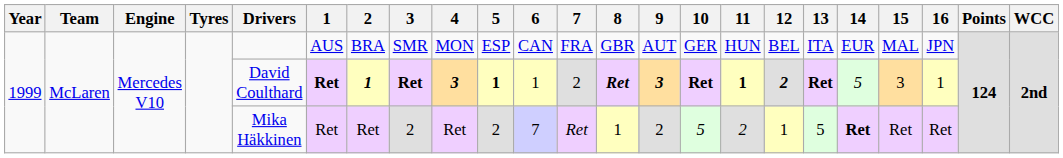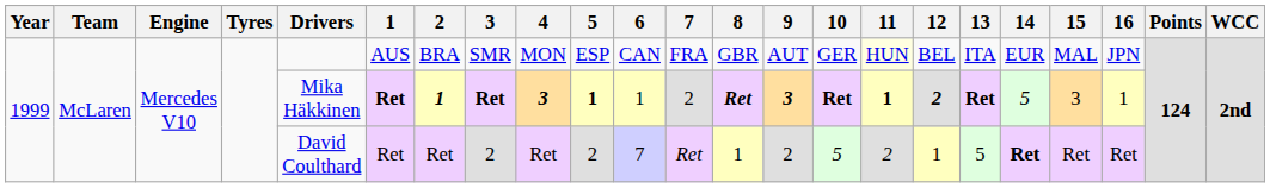 <table class="wikitable" style="text-align:center; font-size:95%">
 <tr>
 <th>Year</th>
 <th>Team</th>
 <th>Engine</th>
 <th>Tyres</th>
 <th>Drivers</th>
 <th>1</th>
 <th>2</th>
 <th>3</th>
 <th>4</th>
 <th>5</th>
 <th>6</th>
 <th>7</th>
 <th>8</th>
 <th>9</th>
 <th>10</th>
 <th>11</th>
 <th>12</th>
 <th>13</th>
 <th>14</th>
 <th>15</th>
 <th>16</th>
 <th>Points</th>
 <th>WCC</th>
 </tr>
 <tr>
 <td rowspan="3"><a href='#'>1999</a></td>
 <td rowspan="3"><a href='#'>McLaren</a></td>
 <td rowspan="3"><a href='#'>Mercedes</a> <a href='#'>V10</a></td>
 <td rowspan="3"></td>
 <td></td>
 <td><a href='#'>AUS</a></td>
 <td><a href='#'>BRA</a></td>
 <td><a href='#'>SMR</a></td>
 <td><a href='#'>MON</a></td>
 <td><a href='#'>ESP</a></td>
 <td><a href='#'>CAN</a></td>
 <td><a href='#'>FRA</a></td>
 <td><a href='#'>GBR</a></td>
 <td><a href='#'>AUT</a></td>
 <td><a href='#'>GER</a></td>
-<td><a href='#'>HUN</a></td>
+<td style="background: lightyellow;"><a href='#'>HUN</a></td>
 <td><a href='#'>BEL</a></td>
 <td><a href='#'>ITA</a></td>
 <td><a href='#'>EUR</a></td>
 <td><a href='#'>MAL</a></td>
 <td><a href='#'>JPN</a></td>
 <td rowspan="3" style="background:#DFDFDF;"><strong>124</strong></td>
 <td rowspan="3" style="background:#DFDFDF;"><strong>2nd</strong></td>
 </tr>
 <tr>
-<td><a href='#'>David Coulthard</a></td>
+<td><a href='#'>Mika Häkkinen</a></td>
 <td style="background:#EFCFFF;"><strong>Ret</strong></td>
 <td style="background:#FFFFBF;"><strong><em>1</em></strong></td>
 <td style="background:#EFCFFF;"><strong>Ret</strong></td>
 <td style="background:#FFDF9F;"><strong><em>3</em></strong></td>
 <td style="background:#FFFFBF;"><strong>1</strong></td>
 <td style="background:#FFFFBF;">1</td>
 <td style="background:#DFDFDF;">2</td>
 <td style="background:#EFCFFF;"><strong><em>Ret</em></strong></td>
 <td style="background:#FFDF9F;"><strong><em>3</em></strong></td>
 <td style="background:#EFCFFF;"><strong>Ret</strong></td>
 <td style="background:#FFFFBF;"><strong>1</strong></td>
 <td style="background:#DFDFDF;"><strong><em>2</em></strong></td>
 <td style="background:#EFCFFF;"><strong>Ret</strong></td>
 <td style="background:#DFFFDF;"><em>5</em></td>
 <td style="background:#FFDF9F;">3</td>
 <td style="background:#FFFFBF;">1</td>
 </tr>
 <tr>
-<td><a href='#'>Mika Häkkinen</a></td>
+<td><a href='#'>David Coulthard</a></td>
 <td style="background:#EFCFFF;">Ret</td>
 <td style="background:#EFCFFF;">Ret</td>
 <td style="background:#DFDFDF;">2</td>
 <td style="background:#EFCFFF;">Ret</td>
 <td style="background:#DFDFDF;">2</td>
 <td style="background:#CFCFFF;">7</td>
 <td style="background:#EFCFFF;"><em>Ret</em></td>
 <td style="background:#FFFFBF;">1</td>
 <td style="background:#DFDFDF;">2</td>
 <td style="background:#DFFFDF;"><em>5</em></td>
 <td style="background:#DFDFDF;"><em>2</em></td>
 <td style="background:#FFFFBF;">1</td>
 <td style="background:#DFFFDF;">5</td>
 <td style="background:#EFCFFF;"><strong>Ret</strong></td>
 <td style="background:#EFCFFF;">Ret</td>
 <td style="background:#EFCFFF;">Ret</td>
 </tr>
 </table>
